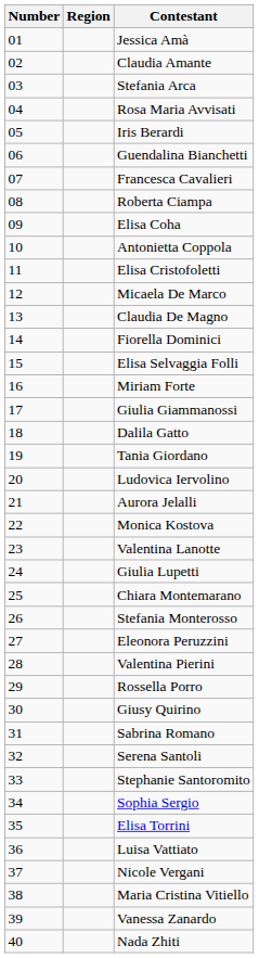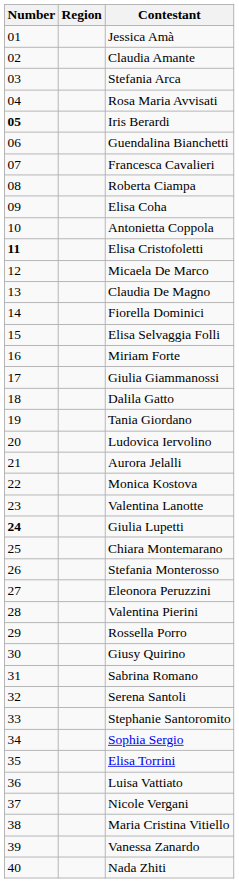 <table class="wikitable sortable">
 <tr>
 <th>Number</th>
 <th>Region</th>
 <th>Contestant</th>
 </tr>
 <tr>
 <td>01</td>
 <td></td>
 <td>Jessica Amà</td>
 </tr>
 <tr>
 <td>02</td>
 <td></td>
 <td>Claudia Amante</td>
 </tr>
 <tr>
 <td>03</td>
 <td></td>
 <td>Stefania Arca</td>
 </tr>
 <tr>
 <td>04</td>
 <td></td>
 <td>Rosa Maria Avvisati</td>
 </tr>
 <tr>
-<td>05</td>
+<td><strong>05</strong></td>
 <td></td>
 <td>Iris Berardi</td>
 </tr>
 <tr>
 <td>06</td>
 <td></td>
 <td>Guendalina Bianchetti</td>
 </tr>
 <tr>
 <td>07</td>
 <td></td>
 <td>Francesca Cavalieri</td>
 </tr>
 <tr>
 <td>08</td>
 <td></td>
 <td>Roberta Ciampa</td>
 </tr>
 <tr>
 <td>09</td>
 <td></td>
 <td>Elisa Coha</td>
 </tr>
 <tr>
 <td>10</td>
 <td></td>
 <td>Antonietta Coppola</td>
 </tr>
 <tr>
-<td>11</td>
+<td><strong>11</strong></td>
 <td></td>
 <td>Elisa Cristofoletti</td>
 </tr>
 <tr>
 <td>12</td>
 <td></td>
 <td>Micaela De Marco</td>
 </tr>
 <tr>
 <td>13</td>
 <td></td>
 <td>Claudia De Magno</td>
 </tr>
 <tr>
 <td>14</td>
 <td></td>
 <td>Fiorella Dominici</td>
 </tr>
 <tr>
 <td>15</td>
 <td></td>
 <td>Elisa Selvaggia Folli</td>
 </tr>
 <tr>
 <td>16</td>
 <td></td>
 <td>Miriam Forte</td>
 </tr>
 <tr>
 <td>17</td>
 <td></td>
 <td>Giulia Giammanossi</td>
 </tr>
 <tr>
 <td>18</td>
 <td></td>
 <td>Dalila Gatto</td>
 </tr>
 <tr>
 <td>19</td>
 <td></td>
 <td>Tania Giordano</td>
 </tr>
 <tr>
 <td>20</td>
 <td></td>
 <td>Ludovica Iervolino</td>
 </tr>
 <tr>
 <td>21</td>
 <td></td>
 <td>Aurora Jelalli</td>
 </tr>
 <tr>
 <td>22</td>
 <td></td>
 <td>Monica Kostova</td>
 </tr>
 <tr>
 <td>23</td>
 <td></td>
 <td>Valentina Lanotte</td>
 </tr>
 <tr>
-<td>24</td>
+<td><strong>24</strong></td>
 <td></td>
 <td>Giulia Lupetti</td>
 </tr>
 <tr>
 <td>25</td>
 <td></td>
 <td>Chiara Montemarano</td>
 </tr>
 <tr>
 <td>26</td>
 <td></td>
 <td>Stefania Monterosso</td>
 </tr>
 <tr>
 <td>27</td>
 <td></td>
 <td>Eleonora Peruzzini</td>
 </tr>
 <tr>
 <td>28</td>
 <td></td>
 <td>Valentina Pierini</td>
 </tr>
 <tr>
 <td>29</td>
 <td></td>
 <td>Rossella Porro</td>
 </tr>
 <tr>
 <td>30</td>
 <td></td>
 <td>Giusy Quirino</td>
 </tr>
 <tr>
 <td>31</td>
 <td></td>
 <td>Sabrina Romano</td>
 </tr>
 <tr>
 <td>32</td>
 <td></td>
 <td>Serena Santoli</td>
 </tr>
 <tr>
 <td>33</td>
 <td></td>
 <td>Stephanie Santoromito</td>
 </tr>
 <tr>
 <td>34</td>
 <td></td>
 <td><a href='#'>Sophia Sergio</a></td>
 </tr>
 <tr>
 <td>35</td>
 <td></td>
 <td><a href='#'>Elisa Torrini</a></td>
 </tr>
 <tr>
 <td>36</td>
 <td></td>
 <td>Luisa Vattiato</td>
 </tr>
 <tr>
 <td>37</td>
 <td></td>
 <td>Nicole Vergani</td>
 </tr>
 <tr>
 <td>38</td>
 <td></td>
 <td>Maria Cristina Vitiello</td>
 </tr>
 <tr>
 <td>39</td>
 <td></td>
 <td>Vanessa Zanardo</td>
 </tr>
 <tr>
 <td>40</td>
 <td></td>
 <td>Nada Zhiti</td>
 </tr>
 </table>
